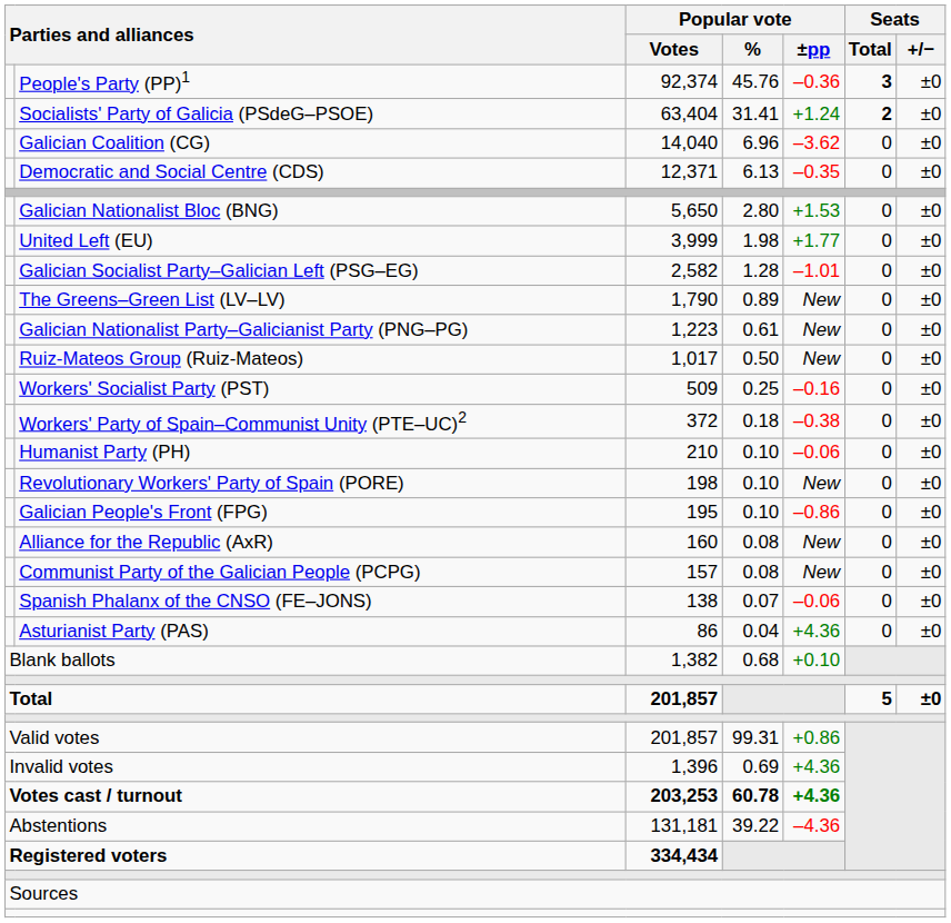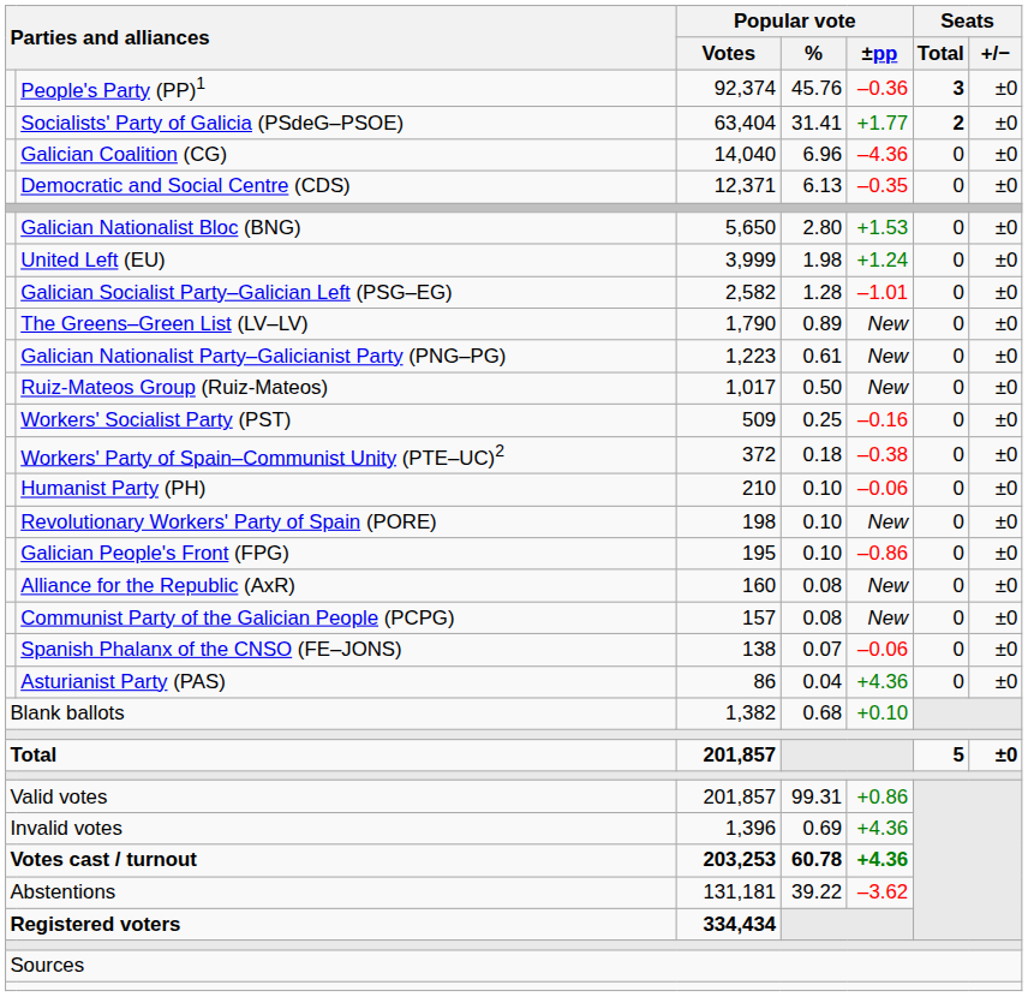 <table class="wikitable" style="text-align:right;">
 <tr>
 <th style="text-align:left;" rowspan="2" colspan="2" width="525">Parties and alliances</th>
 <th colspan="3">Popular vote</th>
 <th colspan="2">Seats</th>
 </tr>
 <tr>
 <th width="75">Votes</th>
 <th width="45">%</th>
 <th width="45">±<a href='#'>pp</a></th>
 <th width="35">Total</th>
 <th width="35">+/−</th>
 </tr>
 <tr>
 <td width="1" style="color:inherit;background:"></td>
 <td align="left"><a href='#'>People's Party</a> (PP)<sup>1</sup></td>
 <td>92,374</td>
 <td>45.76</td>
 <td style="color:red;">–0.36</td>
 <td><strong>3</strong></td>
 <td>±0</td>
 </tr>
 <tr>
 <td style="color:inherit;background:"></td>
 <td align="left"><a href='#'>Socialists' Party of Galicia</a> (PSdeG–PSOE)</td>
 <td>63,404</td>
 <td>31.41</td>
-<td style="color:green;">+1.24</td>
+<td style="color:green;">+1.77</td>
 <td><strong>2</strong></td>
 <td>±0</td>
 </tr>
 <tr>
 <td style="color:inherit;background:"></td>
 <td align="left"><a href='#'>Galician Coalition</a> (CG)</td>
 <td>14,040</td>
 <td>6.96</td>
-<td style="color:red;">–3.62</td>
+<td style="color:red;">–4.36</td>
 <td>0</td>
 <td>±0</td>
 </tr>
 <tr>
 <td style="color:inherit;background:"></td>
 <td align="left"><a href='#'>Democratic and Social Centre</a> (CDS)</td>
 <td>12,371</td>
 <td>6.13</td>
 <td style="color:red;">–0.35</td>
 <td>0</td>
 <td>±0</td>
 </tr>
 <tr>
 <td colspan="7" bgcolor="#C0C0C0"></td>
 </tr>
 <tr>
 <td style="color:inherit;background:"></td>
 <td align="left"><a href='#'>Galician Nationalist Bloc</a> (BNG)</td>
 <td>5,650</td>
 <td>2.80</td>
 <td style="color:green;">+1.53</td>
 <td>0</td>
 <td>±0</td>
 </tr>
 <tr>
 <td style="color:inherit;background:"></td>
 <td align="left"><a href='#'>United Left</a> (EU)</td>
 <td>3,999</td>
 <td>1.98</td>
-<td style="color:green;">+1.77</td>
+<td style="color:green;">+1.24</td>
 <td>0</td>
 <td>±0</td>
 </tr>
 <tr>
 <td style="color:inherit;background:"></td>
 <td align="left"><a href='#'>Galician Socialist Party–Galician Left</a> (PSG–EG)</td>
 <td>2,582</td>
 <td>1.28</td>
 <td style="color:red;">–1.01</td>
 <td>0</td>
 <td>±0</td>
 </tr>
 <tr>
 <td style="color:inherit;background:"></td>
 <td align="left"><a href='#'>The Greens–Green List</a> (LV–LV)</td>
 <td>1,790</td>
 <td>0.89</td>
 <td><em>New</em></td>
 <td>0</td>
 <td>±0</td>
 </tr>
 <tr>
 <td style="color:inherit;background:"></td>
 <td align="left"><a href='#'>Galician Nationalist Party–Galicianist Party</a> (PNG–PG)</td>
 <td>1,223</td>
 <td>0.61</td>
 <td><em>New</em></td>
 <td>0</td>
 <td>±0</td>
 </tr>
 <tr>
 <td style="color:inherit;background:"></td>
 <td align="left"><a href='#'>Ruiz-Mateos Group</a> (Ruiz-Mateos)</td>
 <td>1,017</td>
 <td>0.50</td>
 <td><em>New</em></td>
 <td>0</td>
 <td>±0</td>
 </tr>
 <tr>
 <td style="color:inherit;background:"></td>
 <td align="left"><a href='#'>Workers' Socialist Party</a> (PST)</td>
 <td>509</td>
 <td>0.25</td>
 <td style="color:red;">–0.16</td>
 <td>0</td>
 <td>±0</td>
 </tr>
 <tr>
 <td style="color:inherit;background:"></td>
 <td align="left"><a href='#'>Workers' Party of Spain–Communist Unity</a> (PTE–UC)<sup>2</sup></td>
 <td>372</td>
 <td>0.18</td>
 <td style="color:red;">–0.38</td>
 <td>0</td>
 <td>±0</td>
 </tr>
 <tr>
 <td style="color:inherit;background:"></td>
 <td align="left"><a href='#'>Humanist Party</a> (PH)</td>
 <td>210</td>
 <td>0.10</td>
 <td style="color:red;">–0.06</td>
 <td>0</td>
 <td>±0</td>
 </tr>
 <tr>
 <td style="color:inherit;background:"></td>
 <td align="left"><a href='#'>Revolutionary Workers' Party of Spain</a> (PORE)</td>
 <td>198</td>
 <td>0.10</td>
 <td><em>New</em></td>
 <td>0</td>
 <td>±0</td>
 </tr>
 <tr>
 <td style="color:inherit;background:"></td>
 <td align="left"><a href='#'>Galician People's Front</a> (FPG)</td>
 <td>195</td>
 <td>0.10</td>
 <td style="color:red;">–0.86</td>
 <td>0</td>
 <td>±0</td>
 </tr>
 <tr>
 <td style="color:inherit;background:"></td>
 <td align="left"><a href='#'>Alliance for the Republic</a> (AxR)</td>
 <td>160</td>
 <td>0.08</td>
 <td><em>New</em></td>
 <td>0</td>
 <td>±0</td>
 </tr>
 <tr>
 <td style="color:inherit;background:"></td>
 <td align="left"><a href='#'>Communist Party of the Galician People</a> (PCPG)</td>
 <td>157</td>
 <td>0.08</td>
 <td><em>New</em></td>
 <td>0</td>
 <td>±0</td>
 </tr>
 <tr>
 <td style="color:inherit;background:"></td>
 <td align="left"><a href='#'>Spanish Phalanx of the CNSO</a> (FE–JONS)</td>
 <td>138</td>
 <td>0.07</td>
 <td style="color:red;">–0.06</td>
 <td>0</td>
 <td>±0</td>
 </tr>
 <tr>
 <td style="color:inherit;background:"></td>
 <td align="left"><a href='#'>Asturianist Party</a> (PAS)</td>
 <td>86</td>
 <td>0.04</td>
 <td style="color:green;">+4.36</td>
 <td>0</td>
 <td>±0</td>
 </tr>
 <tr>
 <td align="left" colspan="2">Blank ballots</td>
 <td>1,382</td>
 <td>0.68</td>
 <td style="color:green;">+0.10</td>
 <td bgcolor="#E9E9E9" colspan="2"></td>
 </tr>
 <tr>
 <td colspan="7" bgcolor="#E9E9E9"></td>
 </tr>
 <tr style="font-weight:bold;">
 <td align="left" colspan="2">Total</td>
 <td>201,857</td>
 <td bgcolor="#E9E9E9" colspan="2"></td>
 <td>5</td>
 <td>±0</td>
 </tr>
 <tr>
 <td colspan="7" bgcolor="#E9E9E9"></td>
 </tr>
 <tr>
 <td align="left" colspan="2">Valid votes</td>
 <td>201,857</td>
 <td>99.31</td>
 <td style="color:green;">+0.86</td>
 <td bgcolor="#E9E9E9" colspan="2" rowspan="5"></td>
 </tr>
 <tr>
 <td align="left" colspan="2">Invalid votes</td>
 <td>1,396</td>
 <td>0.69</td>
 <td style="color:green;">+4.36</td>
 </tr>
 <tr style="font-weight:bold;">
 <td align="left" colspan="2">Votes cast / turnout</td>
 <td>203,253</td>
 <td>60.78</td>
 <td style="color:green;">+4.36</td>
 </tr>
 <tr>
 <td align="left" colspan="2">Abstentions</td>
 <td>131,181</td>
 <td>39.22</td>
-<td style="color:red;">–4.36</td>
+<td style="color:red;">–3.62</td>
 </tr>
 <tr style="font-weight:bold;">
 <td align="left" colspan="2">Registered voters</td>
 <td>334,434</td>
 <td bgcolor="#E9E9E9" colspan="2"></td>
 </tr>
 <tr>
 <td colspan="7" bgcolor="#E9E9E9"></td>
 </tr>
 <tr>
 <td align="left" colspan="7">Sources</td>
 </tr>
 <tr>
 <td colspan="7" style="text-align:left; max-width:790px;"></td>
 </tr>
 </table>
